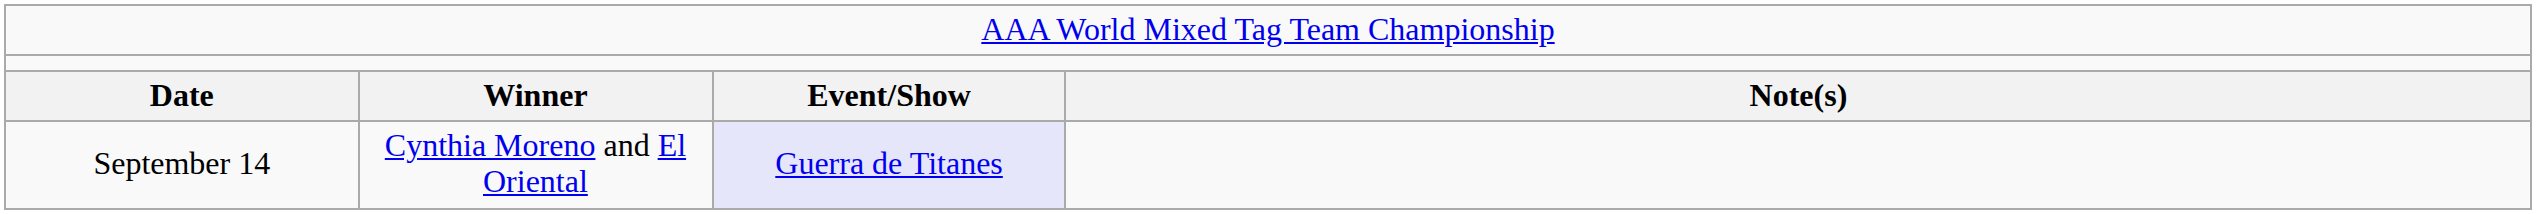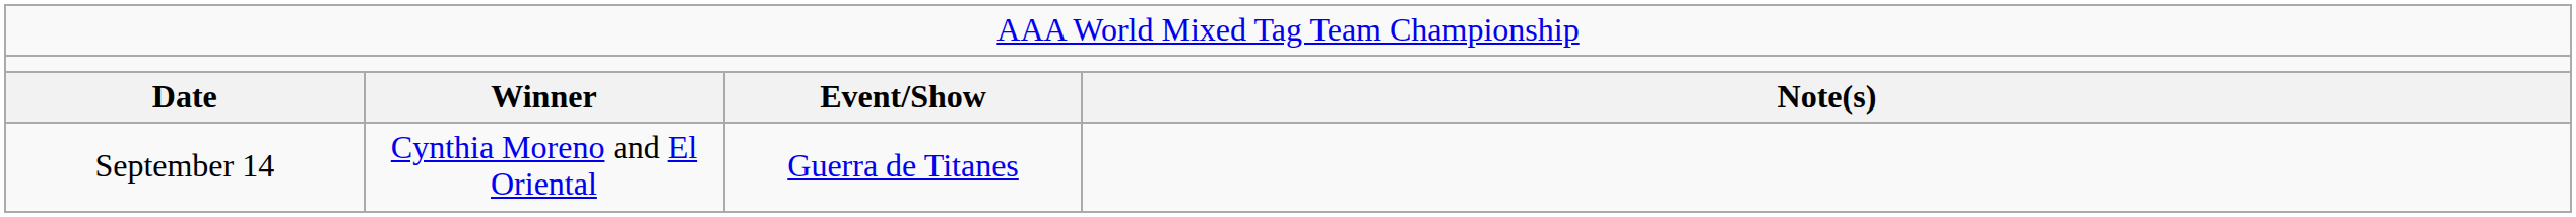 <table class="wikitable" style="text-align:center; width:100%;">
 <tr>
 <td colspan="5"><a href='#'>AAA World Mixed Tag Team Championship</a></td>
 </tr>
 <tr>
 <td colspan="5"><strong></strong></td>
 </tr>
 <tr>
 <th width="14%">Date</th>
 <th width="14%">Winner</th>
 <th width="14%">Event/Show</th>
 <th width="58%">Note(s)</th>
 </tr>
 <tr>
 <td>September 14</td>
 <td><a href='#'>Cynthia Moreno</a> and <a href='#'>El Oriental</a></td>
-<td style="background: lavender;"><a href='#'>Guerra de Titanes</a></td>
+<td><a href='#'>Guerra de Titanes</a></td>
 <td align="left"></td>
 </tr>
 </table>
